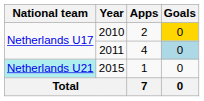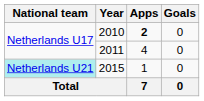 <table class="wikitable" style="text-align:center">
 <tr>
 <th>National team</th>
 <th>Year</th>
 <th>Apps</th>
 <th>Goals</th>
 </tr>
 <tr>
 <td rowspan="2"><a href='#'>Netherlands U17</a></td>
 <td>2010</td>
-<td>2</td>
-<td style="background: gold;">0</td>
+<td><strong>2</strong></td>
+<td>0</td>
 </tr>
 <tr>
 <td>2011</td>
 <td>4</td>
-<td style="background: lightblue;">0</td>
+<td>0</td>
 </tr>
 <tr>
 <td style="background: paleturquoise;"><a href='#'>Netherlands U21</a></td>
 <td>2015</td>
 <td>1</td>
 <td>0</td>
 </tr>
 <tr>
 <th colspan="2">Total</th>
 <th>7</th>
 <th>0</th>
 </tr>
 </table>
